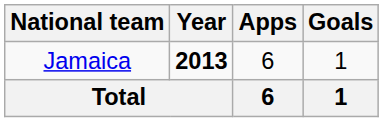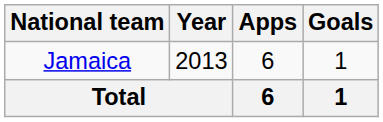 <table class="wikitable" style="text-align:center">
 <tr>
 <th>National team</th>
 <th>Year</th>
 <th>Apps</th>
 <th>Goals</th>
 </tr>
 <tr>
 <td><a href='#'>Jamaica</a></td>
-<td><strong>2013</strong></td>
+<td>2013</td>
 <td>6</td>
 <td>1</td>
 </tr>
 <tr>
 <th colspan="2">Total</th>
 <th>6</th>
 <th>1</th>
 </tr>
 </table>
